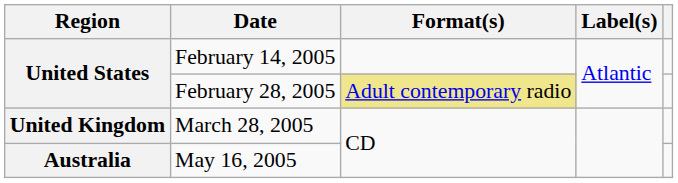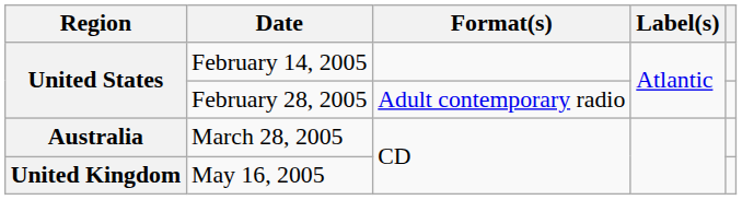 <table class="wikitable plainrowheaders">
 <tr>
 <th scope="col">Region</th>
 <th scope="col">Date</th>
 <th scope="col">Format(s)</th>
 <th scope="col">Label(s)</th>
 <th scope="col"></th>
 </tr>
 <tr>
 <th scope="row" rowspan="2">United States</th>
 <td>February 14, 2005</td>
 <td></td>
 <td rowspan="2"><a href='#'>Atlantic</a></td>
 <td align="center"></td>
 </tr>
 <tr>
 <td>February 28, 2005</td>
-<td style="background: khaki;"><a href='#'>Adult contemporary</a> radio</td>
+<td><a href='#'>Adult contemporary</a> radio</td>
 <td align="center"></td>
 </tr>
 <tr>
-<th scope="row">United Kingdom</th>
+<th scope="row">Australia</th>
 <td>March 28, 2005</td>
 <td rowspan="2">CD</td>
 <td rowspan="2"></td>
 <td align="center"></td>
 </tr>
 <tr>
-<th scope="row">Australia</th>
+<th scope="row">United Kingdom</th>
 <td>May 16, 2005</td>
 <td align="center"></td>
 </tr>
 </table>
